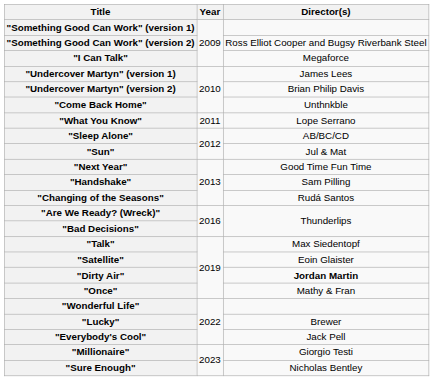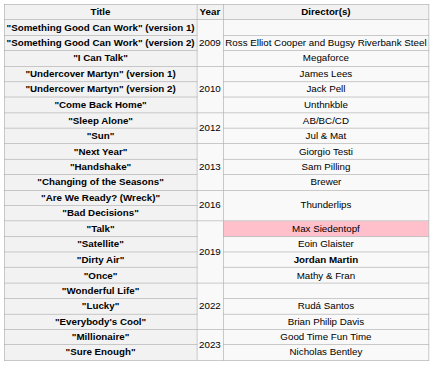 <table class="wikitable plainrowheaders" style="text-align:center">
 <tr>
 <th scope="col">Title</th>
 <th scope="col">Year</th>
 <th scope="col">Director(s)</th>
 </tr>
 <tr>
 <th scope="row">"Something Good Can Work" (version 1)</th>
 <td rowspan="3”">2009</td>
 <td></td>
 </tr>
 <tr>
 <th scope="row">"Something Good Can Work" (version 2)</th>
 <td>Ross Elliot Cooper and Bugsy Riverbank Steel</td>
 </tr>
 <tr>
 <th scope="row">"I Can Talk"</th>
 <td>Megaforce</td>
 </tr>
 <tr>
 <th scope="row">"Undercover Martyn" (version 1)</th>
 <td rowspan="3">2010</td>
 <td>James Lees</td>
 </tr>
 <tr>
 <th scope="row">"Undercover Martyn" (version 2)</th>
-<td>Brian Philip Davis</td>
+<td>Jack Pell</td>
 </tr>
 <tr>
 <th scope="row">"Come Back Home"</th>
 <td>Unthnkble</td>
-</tr>
-<tr>
-<th scope="row">"What You Know"</th>
-<td>2011</td>
-<td>Lope Serrano</td>
 </tr>
 <tr>
 <th scope="row">"Sleep Alone"</th>
 <td rowspan="2">2012</td>
 <td>AB/BC/CD</td>
 </tr>
 <tr>
 <th scope="row">"Sun"</th>
 <td>Jul & Mat</td>
 </tr>
 <tr>
 <th scope="row">"Next Year"</th>
 <td rowspan="3">2013</td>
-<td>Good Time Fun Time</td>
+<td>Giorgio Testi</td>
 </tr>
 <tr>
 <th scope="row">"Handshake"</th>
 <td>Sam Pilling</td>
 </tr>
 <tr>
 <th scope="row">"Changing of the Seasons"</th>
-<td>Rudá Santos</td>
+<td>Brewer</td>
 </tr>
 <tr>
 <th scope="row">"Are We Ready? (Wreck)"</th>
 <td rowspan="2">2016</td>
 <td rowspan="2">Thunderlips</td>
 </tr>
 <tr>
 <th scope="row">"Bad Decisions"</th>
 </tr>
 <tr>
 <th scope="row">"Talk"</th>
 <td rowspan="4">2019</td>
-<td>Max Siedentopf</td>
+<td style="background: pink;">Max Siedentopf</td>
 </tr>
 <tr>
 <th scope="row">"Satellite"</th>
 <td>Eoin Glaister</td>
 </tr>
 <tr>
 <th scope="row">"Dirty Air"</th>
 <td><strong>Jordan Martin</strong></td>
 </tr>
 <tr>
 <th scope="row">"Once"</th>
 <td>Mathy & Fran</td>
 </tr>
 <tr>
 <th scope="row">"Wonderful Life"</th>
 <td rowspan="3">2022</td>
 <td></td>
 </tr>
 <tr>
 <th scope="row">"Lucky"</th>
-<td>Brewer</td>
+<td>Rudá Santos</td>
 </tr>
 <tr>
 <th scope="row">"Everybody's Cool"</th>
-<td>Jack Pell</td>
+<td>Brian Philip Davis</td>
 </tr>
 <tr>
 <th scope="row">"Millionaire"</th>
 <td rowspan="2">2023</td>
-<td>Giorgio Testi</td>
+<td>Good Time Fun Time</td>
 </tr>
 <tr>
 <th scope="row">"Sure Enough"</th>
 <td>Nicholas Bentley</td>
 </tr>
 </table>
